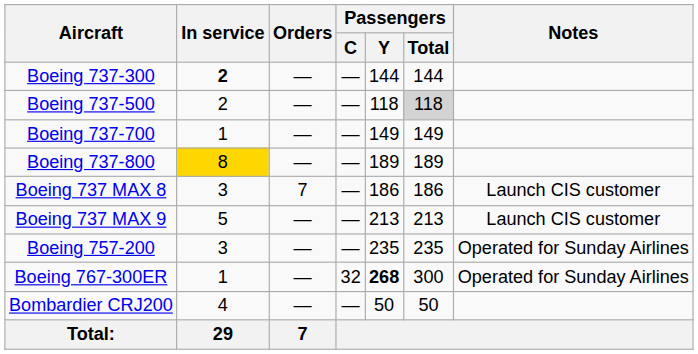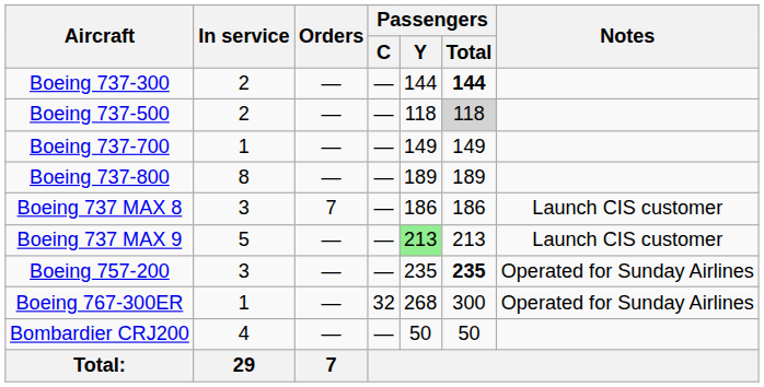 <table class="wikitable" style="margin:1em auto; border-collapse:collapse;text-align:center">
 <tr>
 <th rowspan="2">Aircraft</th>
 <th rowspan="2">In service</th>
 <th rowspan="2">Orders</th>
 <th colspan="3">Passengers</th>
 <th rowspan="2">Notes</th>
 </tr>
 <tr>
 <th><abbr>C</abbr></th>
 <th><abbr>Y</abbr></th>
 <th>Total</th>
 </tr>
 <tr>
 <td><a href='#'>Boeing 737-300</a></td>
-<td><strong>2</strong></td>
+<td>2</td>
 <td>—</td>
 <td>—</td>
 <td>144</td>
-<td>144</td>
+<td><strong>144</strong></td>
 <td></td>
 </tr>
 <tr>
 <td><a href='#'>Boeing 737-500</a></td>
 <td>2</td>
 <td>—</td>
 <td>—</td>
 <td>118</td>
 <td style="background: lightgrey;">118</td>
 <td></td>
 </tr>
 <tr>
 <td><a href='#'>Boeing 737-700</a></td>
 <td>1</td>
 <td>—</td>
 <td>—</td>
 <td>149</td>
 <td>149</td>
 <td></td>
 </tr>
 <tr>
 <td><a href='#'>Boeing 737-800</a></td>
-<td style="background: gold;">8</td>
+<td>8</td>
 <td>—</td>
 <td>—</td>
 <td>189</td>
 <td>189</td>
 <td></td>
 </tr>
 <tr>
 <td><a href='#'>Boeing 737 MAX 8</a></td>
 <td>3</td>
 <td>7</td>
 <td>—</td>
 <td>186</td>
 <td>186</td>
 <td>Launch CIS customer</td>
 </tr>
 <tr>
 <td><a href='#'>Boeing 737 MAX 9</a></td>
 <td>5</td>
 <td>—</td>
 <td>—</td>
-<td>213</td>
+<td style="background: lightgreen;">213</td>
 <td>213</td>
 <td>Launch CIS customer</td>
 </tr>
 <tr>
 <td><a href='#'>Boeing 757-200</a></td>
 <td>3</td>
 <td>—</td>
 <td>—</td>
 <td>235</td>
-<td>235</td>
+<td><strong>235</strong></td>
 <td>Operated for Sunday Airlines</td>
 </tr>
 <tr>
 <td><a href='#'>Boeing 767-300ER</a></td>
 <td>1</td>
 <td>—</td>
 <td>32</td>
-<td><strong>268</strong></td>
+<td>268</td>
 <td>300</td>
 <td>Operated for Sunday Airlines</td>
 </tr>
 <tr>
 <td><a href='#'>Bombardier CRJ200</a></td>
 <td>4</td>
 <td>—</td>
 <td>—</td>
 <td>50</td>
 <td>50</td>
 <td></td>
 </tr>
 <tr>
 <th>Total:</th>
 <th>29</th>
 <th>7</th>
 <th colspan="6"></th>
 </tr>
 </table>
